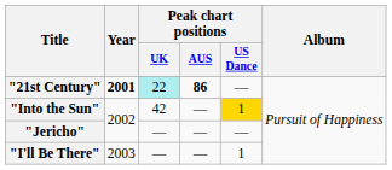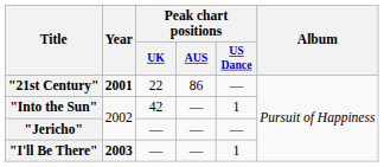 <table class="wikitable plainrowheaders" style="text-align:center;" border="1">
 <tr>
 <th scope="col" rowspan="2">Title</th>
 <th scope="col" rowspan="2">Year</th>
 <th scope="col" colspan="3">Peak chart positions</th>
 <th scope="col" rowspan="2">Album</th>
 </tr>
 <tr>
 <th style="width:3em;font-size:85%;"><a href='#'>UK</a><br></th>
 <th style="width:3em;font-size:85%;"><a href='#'>AUS</a><br></th>
 <th style="width:3em;font-size:85%;"><a href='#'>US<br>Dance</a></th>
 </tr>
 <tr>
 <th scope="row">"21st Century"</th>
 <td><strong>2001</strong></td>
-<td style="background: paleturquoise;">22</td>
-<td><strong>86</strong></td>
+<td>22</td>
+<td>86</td>
 <td>—</td>
 <td rowspan="4"><em>Pursuit of Happiness</em></td>
 </tr>
 <tr>
 <th scope="row">"Into the Sun"</th>
 <td rowspan="2">2002</td>
 <td>42</td>
 <td>—</td>
-<td style="background: gold;">1</td>
+<td>1</td>
 </tr>
 <tr>
 <th scope="row">"Jericho"</th>
 <td>—</td>
 <td>—</td>
 <td>—</td>
 </tr>
 <tr>
 <th scope="row">"I'll Be There"</th>
-<td>2003</td>
+<td><strong>2003</strong></td>
 <td>—</td>
 <td>—</td>
 <td>1</td>
 </tr>
 </table>
